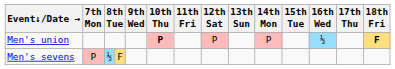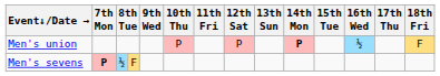 <table class="wikitable" style="margin:0.5em auto; font-size:90%; line-height:1.25em; text-align:center;">
 <tr>
 <th>Event↓/Date →</th>
 <th>7th<br>Mon</th>
 <th colspan=2>8th<br>Tue</th>
 <th>9th<br>Wed</th>
 <th>10th<br>Thu</th>
 <th>11th<br>Fri</th>
 <th>12th<br>Sat</th>
 <th>13th<br>Sun</th>
 <th>14th<br>Mon</th>
 <th>15th<br>Tue</th>
 <th>16th<br>Wed</th>
 <th>17th<br>Thu</th>
 <th>18th<br>Fri</th>
 </tr>
 <tr>
 <td style="text-align:left;"><a href='#'>Men's union</a></td>
 <td></td>
 <td colspan=2></td>
 <td></td>
-<td bgcolor="#FFBBBB"><strong>P</strong></td>
-<td></td>
 <td bgcolor="#FFBBBB">P</td>
 <td></td>
 <td bgcolor="#FFBBBB">P</td>
 <td></td>
+<td bgcolor="#FFBBBB"><strong>P</strong></td>
+<td></td>
 <td bgcolor="#97DEFF">½</td>
 <td></td>
-<td bgcolor="#FFDF80"><strong>F</strong></td>
+<td bgcolor="#FFDF80">F</td>
 </tr>
 <tr>
 <td style="text-align:left;"><a href='#'>Men's sevens</a></td>
-<td bgcolor="#FFBBBB">P</td>
+<td bgcolor="#FFBBBB"><strong>P</strong></td>
 <td bgcolor="#97DEFF">½</td>
 <td bgcolor="#FFDF80">F</td>
 <td></td>
 <td></td>
 <td></td>
 <td></td>
 <td></td>
 <td></td>
 <td></td>
 <td></td>
 <td></td>
 <td></td>
 </tr>
 </table>
